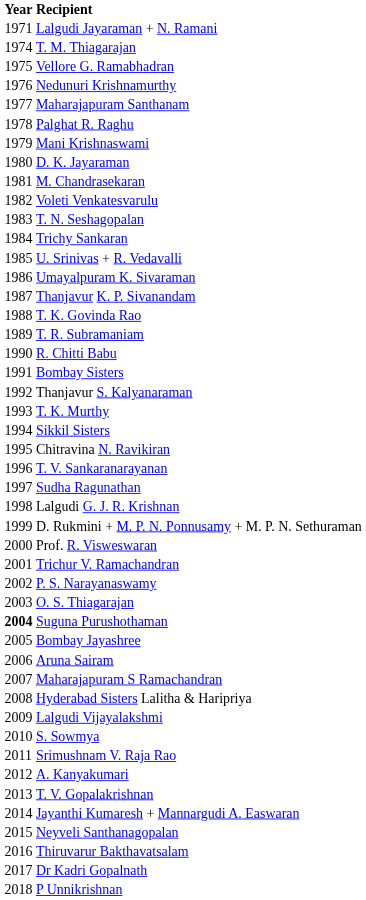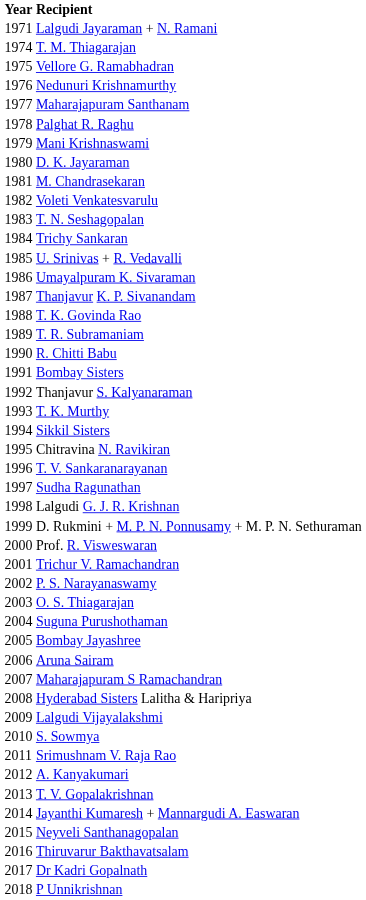 <table>
 <tr>
 <td><strong>Year</strong></td>
 <td><strong>Recipient</strong></td>
 </tr>
 <tr>
 <td>1971</td>
 <td><a href='#'>Lalgudi Jayaraman</a> + <a href='#'>N. Ramani</a></td>
 </tr>
 <tr>
 <td>1974</td>
 <td><a href='#'>T. M. Thiagarajan</a></td>
 </tr>
 <tr>
 <td>1975</td>
 <td><a href='#'>Vellore G. Ramabhadran</a></td>
 </tr>
 <tr>
 <td>1976</td>
 <td><a href='#'>Nedunuri Krishnamurthy</a></td>
 </tr>
 <tr>
 <td>1977</td>
 <td><a href='#'>Maharajapuram Santhanam</a></td>
 </tr>
 <tr>
 <td>1978</td>
 <td><a href='#'>Palghat R. Raghu</a></td>
 </tr>
 <tr>
 <td>1979</td>
 <td><a href='#'>Mani Krishnaswami</a></td>
 </tr>
 <tr>
 <td>1980</td>
 <td><a href='#'>D. K. Jayaraman</a></td>
 </tr>
 <tr>
 <td>1981</td>
 <td><a href='#'>M. Chandrasekaran</a></td>
 </tr>
 <tr>
 <td>1982</td>
 <td><a href='#'>Voleti Venkatesvarulu</a></td>
 </tr>
 <tr>
 <td>1983</td>
 <td><a href='#'>T. N. Seshagopalan</a></td>
 </tr>
 <tr>
 <td>1984</td>
 <td><a href='#'>Trichy Sankaran</a></td>
 </tr>
 <tr>
 <td>1985</td>
 <td><a href='#'>U. Srinivas</a> + <a href='#'>R. Vedavalli</a></td>
 </tr>
 <tr>
 <td>1986</td>
 <td><a href='#'>Umayalpuram K. Sivaraman</a></td>
 </tr>
 <tr>
 <td>1987</td>
 <td><a href='#'>Thanjavur</a> <a href='#'>K. P. Sivanandam</a></td>
 </tr>
 <tr>
 <td>1988</td>
 <td><a href='#'>T. K. Govinda Rao</a></td>
 </tr>
 <tr>
 <td>1989</td>
 <td><a href='#'>T. R. Subramaniam</a></td>
 </tr>
 <tr>
 <td>1990</td>
 <td><a href='#'>R. Chitti Babu</a></td>
 </tr>
 <tr>
 <td>1991</td>
 <td><a href='#'>Bombay Sisters</a></td>
 </tr>
 <tr>
 <td>1992</td>
 <td>Thanjavur <a href='#'>S. Kalyanaraman</a></td>
 </tr>
 <tr>
 <td>1993</td>
 <td><a href='#'>T. K. Murthy</a></td>
 </tr>
 <tr>
 <td>1994</td>
 <td><a href='#'>Sikkil Sisters</a></td>
 </tr>
 <tr>
 <td>1995</td>
 <td>Chitravina <a href='#'>N. Ravikiran</a></td>
 </tr>
 <tr>
 <td>1996</td>
 <td><a href='#'>T. V. Sankaranarayanan</a></td>
 </tr>
 <tr>
 <td>1997</td>
 <td><a href='#'>Sudha Ragunathan</a></td>
 </tr>
 <tr>
 <td>1998</td>
 <td>Lalgudi <a href='#'>G. J. R. Krishnan</a></td>
 </tr>
 <tr>
 <td>1999</td>
 <td>D. Rukmini + <a href='#'>M. P. N. Ponnusamy</a> + M. P. N. Sethuraman</td>
 </tr>
 <tr>
 <td>2000</td>
 <td>Prof. <a href='#'>R. Visweswaran</a></td>
 </tr>
 <tr>
 <td>2001</td>
 <td><a href='#'>Trichur V. Ramachandran</a></td>
 </tr>
 <tr>
 <td>2002</td>
 <td><a href='#'>P. S. Narayanaswamy</a></td>
 </tr>
 <tr>
 <td>2003</td>
 <td><a href='#'>O. S. Thiagarajan</a></td>
 </tr>
 <tr>
-<td><strong>2004</strong></td>
+<td>2004</td>
 <td><a href='#'>Suguna Purushothaman</a></td>
 </tr>
 <tr>
 <td>2005</td>
 <td><a href='#'>Bombay Jayashree</a></td>
 </tr>
 <tr>
 <td>2006</td>
 <td><a href='#'>Aruna Sairam</a></td>
 </tr>
 <tr>
 <td>2007</td>
 <td><a href='#'>Maharajapuram S Ramachandran</a></td>
 </tr>
 <tr>
 <td>2008</td>
 <td><a href='#'>Hyderabad Sisters</a> Lalitha & Haripriya</td>
 </tr>
 <tr>
 <td>2009</td>
 <td><a href='#'>Lalgudi Vijayalakshmi</a></td>
 </tr>
 <tr>
 <td>2010</td>
 <td><a href='#'>S. Sowmya</a></td>
 </tr>
 <tr>
 <td>2011</td>
 <td><a href='#'>Srimushnam V. Raja Rao</a></td>
 </tr>
 <tr>
 <td>2012</td>
 <td><a href='#'>A. Kanyakumari</a></td>
 </tr>
 <tr>
 <td>2013</td>
 <td><a href='#'>T. V. Gopalakrishnan</a></td>
 </tr>
 <tr>
 <td>2014</td>
 <td><a href='#'>Jayanthi Kumaresh</a> + <a href='#'>Mannargudi A. Easwaran</a></td>
 </tr>
 <tr>
 <td>2015</td>
 <td><a href='#'>Neyveli Santhanagopalan</a></td>
 </tr>
 <tr>
 <td>2016</td>
 <td><a href='#'>Thiruvarur Bakthavatsalam</a></td>
 </tr>
 <tr>
 <td>2017</td>
 <td><a href='#'>Dr Kadri Gopalnath</a></td>
 </tr>
 <tr>
 <td>2018</td>
 <td><a href='#'>P Unnikrishnan</a></td>
 </tr>
 <tr>
 </tr>
 </table>
